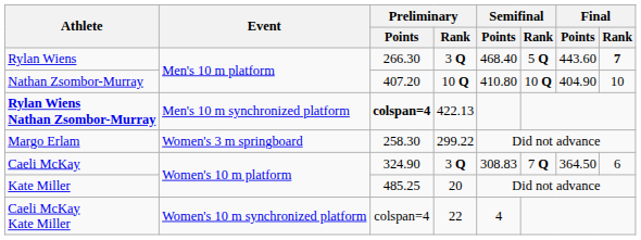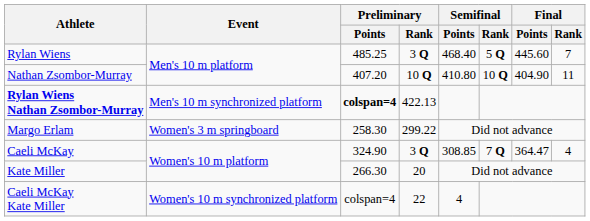 <table class=wikitable style=font-size:90%;text-align:center>
 <tr>
 <th rowspan=2>Athlete</th>
 <th rowspan=2>Event</th>
 <th colspan=2>Preliminary</th>
 <th colspan=2>Semifinal</th>
 <th colspan=2>Final</th>
 </tr>
 <tr style=font-size:95%>
 <th>Points</th>
 <th>Rank</th>
 <th>Points</th>
 <th>Rank</th>
 <th>Points</th>
 <th>Rank</th>
 </tr>
 <tr align=center>
 <td align=left><a href='#'>Rylan Wiens</a></td>
 <td align=left rowspan=2><a href='#'>Men's 10 m platform</a></td>
-<td>266.30</td>
+<td>485.25</td>
 <td>3 <strong>Q</strong></td>
 <td>468.40</td>
 <td>5 <strong>Q</strong></td>
-<td>443.60</td>
-<td><strong>7</strong></td>
+<td>445.60</td>
+<td>7</td>
 </tr>
 <tr align=center>
 <td align=left><a href='#'>Nathan Zsombor-Murray</a></td>
 <td>407.20</td>
 <td>10 <strong>Q</strong></td>
 <td>410.80</td>
 <td>10 <strong>Q</strong></td>
 <td>404.90</td>
-<td>10</td>
+<td>11</td>
 </tr>
 <tr align=center>
 <td align=left><strong><a href='#'>Rylan Wiens</a><br><a href='#'>Nathan Zsombor-Murray</a></strong></td>
 <td align=left><a href='#'>Men's 10 m synchronized platform</a></td>
 <td><strong>colspan=4 </strong></td>
 <td>422.13</td>
 <td></td>
 </tr>
 <tr align=center>
 <td align=left><a href='#'>Margo Erlam</a></td>
 <td align=left><a href='#'>Women's 3 m springboard</a></td>
 <td>258.30</td>
 <td>299.22</td>
 <td colspan=4>Did not advance</td>
 </tr>
 <tr align=center>
 <td align=left><a href='#'>Caeli McKay</a></td>
 <td align=left rowspan=2><a href='#'>Women's 10 m platform</a></td>
 <td>324.90</td>
 <td>3 <strong>Q</strong></td>
-<td>308.83</td>
+<td>308.85</td>
 <td>7 <strong>Q</strong></td>
-<td>364.50</td>
-<td>6</td>
+<td>364.47</td>
+<td>4</td>
 </tr>
 <tr align=center>
 <td align=left><a href='#'>Kate Miller</a></td>
-<td>485.25</td>
+<td>266.30</td>
 <td>20</td>
 <td colspan=4>Did not advance</td>
 </tr>
 <tr align=center>
 <td align=left><a href='#'>Caeli McKay</a><br><a href='#'>Kate Miller</a></td>
 <td align=left><a href='#'>Women's 10 m synchronized platform</a></td>
 <td>colspan=4 </td>
 <td>22</td>
 <td>4</td>
 </tr>
 </table>
